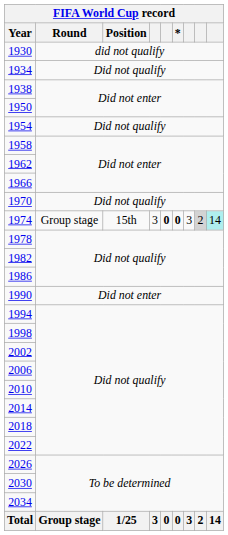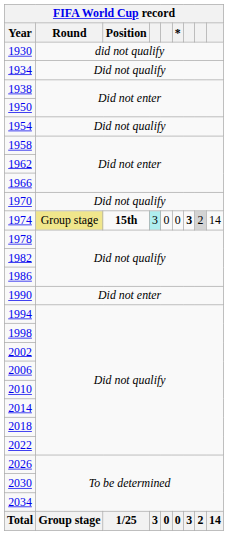 <table class="wikitable" style="text-align: center;">
 <tr>
 <th colspan=9><a href='#'>FIFA World Cup</a> record</th>
 </tr>
 <tr>
 <th>Year</th>
 <th>Round</th>
 <th>Position</th>
 <th></th>
 <th></th>
 <th>*</th>
 <th></th>
 <th></th>
 <th></th>
 </tr>
 <tr>
 <td> <a href='#'>1930</a></td>
 <td rowspan=1 colspan=8><em>did not qualify</em></td>
 </tr>
 <tr>
 <td> <a href='#'>1934</a></td>
 <td rowspan=1 colspan=8><em>Did not qualify</em></td>
 </tr>
 <tr>
 <td> <a href='#'>1938</a></td>
 <td rowspan=2 colspan=8><em>Did not enter</em></td>
 </tr>
 <tr>
 <td> <a href='#'>1950</a></td>
 </tr>
 <tr>
 <td> <a href='#'>1954</a></td>
 <td rowspan=1 colspan=8><em>Did not qualify</em></td>
 </tr>
 <tr>
 <td> <a href='#'>1958</a></td>
 <td rowspan=3 colspan=8><em>Did not enter</em></td>
 </tr>
 <tr>
 <td> <a href='#'>1962</a></td>
 </tr>
 <tr>
 <td> <a href='#'>1966</a></td>
 </tr>
 <tr>
 <td> <a href='#'>1970</a></td>
 <td rowspan=1 colspan=8><em>Did not qualify</em></td>
 </tr>
 <tr>
 <td> <a href='#'>1974</a></td>
-<td>Group stage</td>
-<td>15th</td>
-<td>3</td>
-<td><strong>0</strong></td>
-<td><strong>0</strong></td>
-<td>3</td>
+<td style="background: khaki;">Group stage</td>
+<td><strong>15th</strong></td>
+<td style="background: paleturquoise;">3</td>
+<td>0</td>
+<td>0</td>
+<td><strong>3</strong></td>
 <td style="background: lightgrey;">2</td>
-<td style="background: paleturquoise;">14</td>
+<td>14</td>
 </tr>
 <tr>
 <td> <a href='#'>1978</a></td>
 <td rowspan=3 colspan=8><em>Did not qualify</em></td>
 </tr>
 <tr>
 <td> <a href='#'>1982</a></td>
 </tr>
 <tr>
 <td> <a href='#'>1986</a></td>
 </tr>
 <tr>
 <td> <a href='#'>1990</a></td>
 <td rowspan=1 colspan=8><em>Did not enter</em></td>
 </tr>
 <tr>
 <td> <a href='#'>1994</a></td>
 <td rowspan=8 colspan=8><em>Did not qualify</em></td>
 </tr>
 <tr>
 <td> <a href='#'>1998</a></td>
 </tr>
 <tr>
 <td>  <a href='#'>2002</a></td>
 </tr>
 <tr>
 <td> <a href='#'>2006</a></td>
 </tr>
 <tr>
 <td> <a href='#'>2010</a></td>
 </tr>
 <tr>
 <td> <a href='#'>2014</a></td>
 </tr>
 <tr>
 <td> <a href='#'>2018</a></td>
 </tr>
 <tr>
 <td> <a href='#'>2022</a></td>
 </tr>
 <tr>
 <td>   <a href='#'>2026</a></td>
 <td colspan=8 rowspan=3><em>To be determined</em></td>
 </tr>
 <tr>
 <td>   <a href='#'>2030</a></td>
 </tr>
 <tr>
 <td> <a href='#'>2034</a></td>
 </tr>
 <tr>
 <th><strong>Total</strong></th>
 <th>Group stage</th>
 <th>1/25</th>
 <th>3</th>
 <th>0</th>
 <th>0</th>
 <th>3</th>
 <th>2</th>
 <th>14</th>
 </tr>
 </table>
